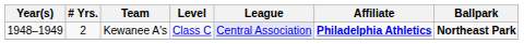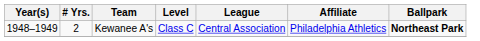 <table class="wikitable" style="text-align:center; font-size: 95%;">
 <tr>
 <th>Year(s)</th>
 <th># Yrs.</th>
 <th>Team</th>
 <th>Level</th>
 <th>League</th>
 <th>Affiliate</th>
 <th>Ballpark</th>
 </tr>
 <tr>
 <td>1948–1949</td>
 <td>2</td>
 <td>Kewanee A's</td>
 <td><a href='#'>Class C</a></td>
-<td style="background: lavender;"><a href='#'>Central Association</a></td>
-<td><strong><a href='#'>Philadelphia Athletics</a></strong></td>
+<td><a href='#'>Central Association</a></td>
+<td><a href='#'>Philadelphia Athletics</a></td>
 <td><strong>Northeast Park</strong></td>
 </tr>
 <tr>
 </tr>
 </table>
